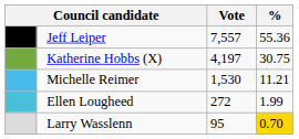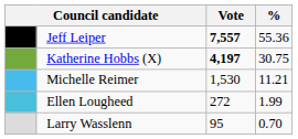 <table class="wikitable">
 <tr>
 <th width="230px" colspan="2">Council candidate</th>
 <th width="50px">Vote</th>
 <th width="30px">%</th>
 </tr>
 <tr>
 <td bgcolor=#000000 width="30px"> </td>
 <td>  <a href='#'>Jeff Leiper</a></td>
-<td>7,557</td>
+<td><strong>7,557</strong></td>
 <td>55.36</td>
 </tr>
 <tr>
 <td bgcolor=#74AA3D width="30px"> </td>
 <td>  <a href='#'>Katherine Hobbs</a> (X)</td>
-<td>4,197</td>
+<td><strong>4,197</strong></td>
 <td>30.75</td>
 </tr>
 <tr>
 <td bgcolor=#47BCEC width="30px"> </td>
 <td>  Michelle Reimer</td>
 <td>1,530</td>
 <td>11.21</td>
 </tr>
 <tr>
 <td bgcolor=#49C0D9 width="30px"> </td>
 <td>  Ellen Lougheed</td>
 <td>272</td>
 <td>1.99</td>
 </tr>
 <tr>
 <td bgcolor=#DCDCDC width="30px"> </td>
 <td>  Larry Wasslenn</td>
 <td>95</td>
-<td style="background: gold;">0.70</td>
+<td>0.70</td>
 </tr>
 </table>
